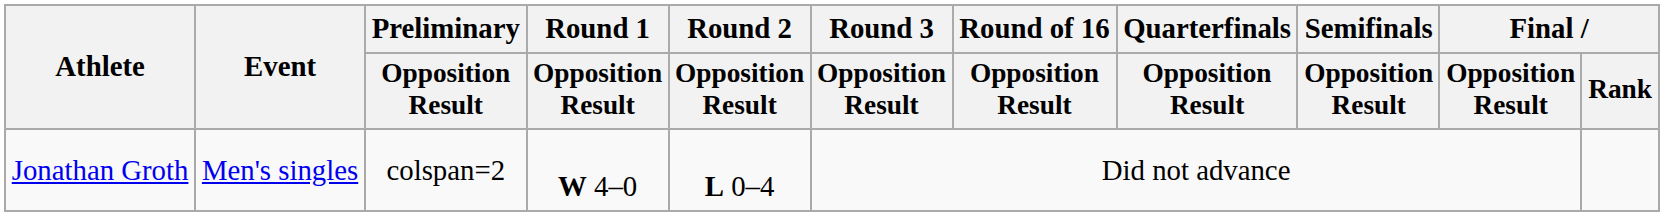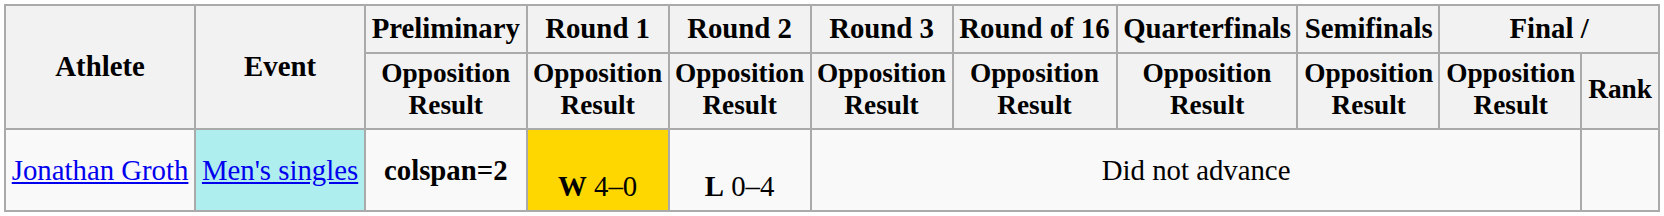 <table class="wikitable" style="font-size:90%;">
 <tr>
 <th rowspan=2>Athlete</th>
 <th rowspan=2>Event</th>
 <th>Preliminary</th>
 <th>Round 1</th>
 <th>Round 2</th>
 <th>Round 3</th>
 <th>Round of 16</th>
 <th>Quarterfinals</th>
 <th>Semifinals</th>
 <th colspan=2>Final / </th>
 </tr>
 <tr style="font-size:95%">
 <th>Opposition<br>Result</th>
 <th>Opposition<br>Result</th>
 <th>Opposition<br>Result</th>
 <th>Opposition<br>Result</th>
 <th>Opposition<br>Result</th>
 <th>Opposition<br>Result</th>
 <th>Opposition<br>Result</th>
 <th>Opposition<br>Result</th>
 <th>Rank</th>
 </tr>
 <tr align=center>
 <td align=left><a href='#'>Jonathan Groth</a></td>
-<td align=left><a href='#'>Men's singles</a></td>
-<td>colspan=2 </td>
-<td><br><strong>W</strong> 4–0</td>
+<td align=left style="background: paleturquoise;"><a href='#'>Men's singles</a></td>
+<td><strong>colspan=2 </strong></td>
+<td style="background: gold;"><br><strong>W</strong> 4–0</td>
 <td><br><strong>L</strong> 0–4</td>
 <td colspan=5>Did not advance</td>
 </tr>
 </table>
